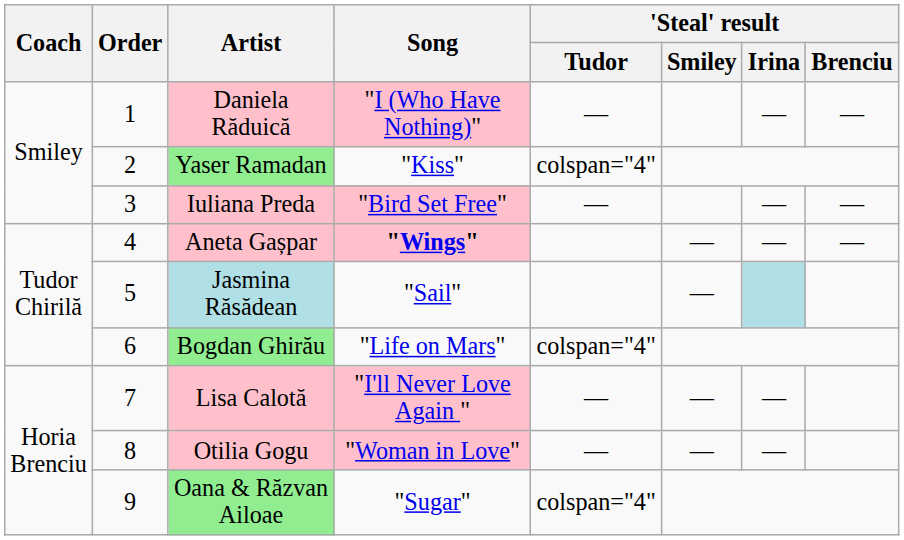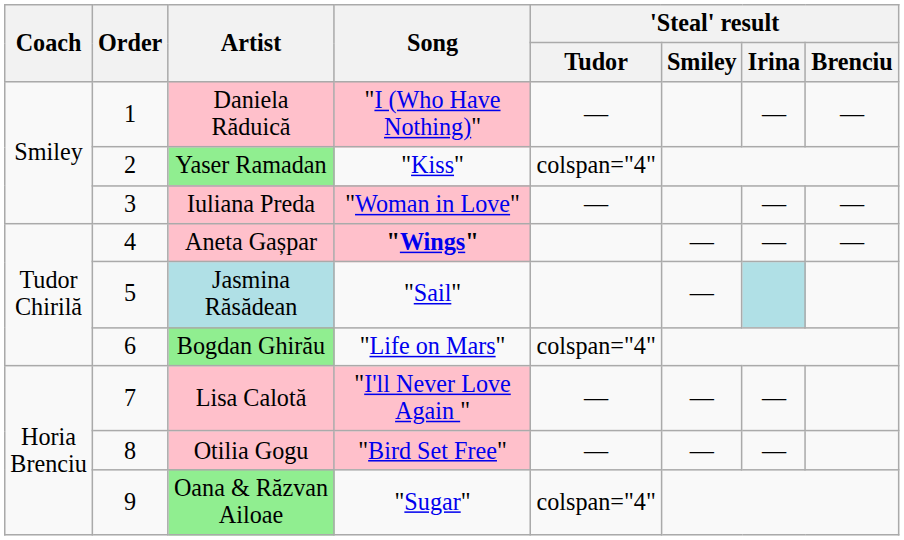 <table class="wikitable" style="text-align: center; width:95%;">
 <tr>
 <th style="width:09%;" rowspan="2">Coach</th>
 <th style="width:02%;" rowspan="2">Order</th>
 <th style="width:20%;" rowspan="2">Artist</th>
 <th style="width:24%;" rowspan="2">Song</th>
 <th colspan="4" style="width:28%;">'Steal' result</th>
 </tr>
 <tr>
 <th style="width:07%;">Tudor</th>
 <th style="width:07%;">Smiley</th>
 <th style="width:07%;">Irina</th>
 <th style="width:07%;">Brenciu</th>
 </tr>
 <tr>
 <td rowspan="3">Smiley</td>
 <td>1</td>
 <td bgcolor="pink">Daniela Răduică</td>
 <td bgcolor="pink">"<a href='#'>I (Who Have Nothing)</a>"</td>
 <td>—</td>
 <td></td>
 <td>—</td>
 <td>—</td>
 </tr>
 <tr>
 <td>2</td>
 <td bgcolor="lightgreen">Yaser Ramadan</td>
 <td>"<a href='#'>Kiss</a>"</td>
 <td>colspan="4" </td>
 </tr>
 <tr>
 <td>3</td>
 <td bgcolor="pink">Iuliana Preda</td>
-<td bgcolor="pink">"<a href='#'>Bird Set Free</a>"</td>
+<td bgcolor="pink">"<a href='#'>Woman in Love</a>"</td>
 <td>—</td>
 <td></td>
 <td>—</td>
 <td>—</td>
 </tr>
 <tr>
 <td rowspan="3">Tudor Chirilă</td>
 <td>4</td>
 <td bgcolor="pink">Aneta Gașpar</td>
 <td bgcolor="pink"><strong>"<a href='#'>Wings</a>"</strong></td>
 <td></td>
 <td>—</td>
 <td>—</td>
 <td>—</td>
 </tr>
 <tr>
 <td>5</td>
 <td bgcolor="#b0e0e6">Jasmina Răsădean</td>
 <td>"<a href='#'>Sail</a>"</td>
 <td></td>
 <td>—</td>
 <td bgcolor="#b0e0e6"><strong></strong></td>
 <td><strong></strong></td>
 </tr>
 <tr>
 <td>6</td>
 <td bgcolor="lightgreen">Bogdan Ghirău</td>
 <td>"<a href='#'>Life on Mars</a>"</td>
 <td>colspan="4" </td>
 </tr>
 <tr>
 <td rowspan="3">Horia Brenciu</td>
 <td>7</td>
 <td bgcolor="pink">Lisa Calotă</td>
 <td bgcolor="pink">"<a href='#'>I'll Never Love Again </a>"</td>
 <td>—</td>
 <td>—</td>
 <td>—</td>
 <td></td>
 </tr>
 <tr>
 <td>8</td>
 <td bgcolor="pink">Otilia Gogu</td>
-<td bgcolor="pink">"<a href='#'>Woman in Love</a>"</td>
+<td bgcolor="pink">"<a href='#'>Bird Set Free</a>"</td>
 <td>—</td>
 <td>—</td>
 <td>—</td>
 <td></td>
 </tr>
 <tr>
 <td>9</td>
 <td bgcolor="lightgreen">Oana & Răzvan Ailoae</td>
 <td>"<a href='#'>Sugar</a>"</td>
 <td>colspan="4" </td>
 </tr>
 </table>
